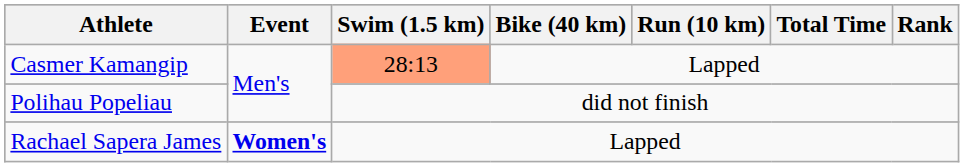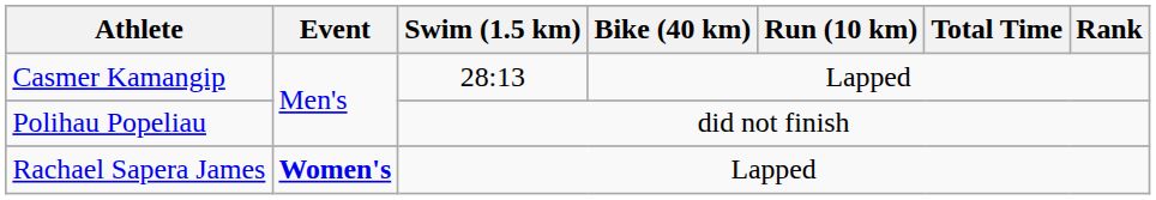 <table class="wikitable" style="font-size:90%">
 <tr>
 <th>Athlete</th>
 <th>Event</th>
 <th>Swim (1.5 km)</th>
 <th>Bike (40 km)</th>
 <th>Run (10 km)</th>
 <th>Total Time</th>
 <th>Rank</th>
 </tr>
 <tr align=center>
 <td align=left><a href='#'>Casmer Kamangip</a></td>
 <td align=left rowspan=2><a href='#'>Men's</a></td>
-<td style="background: lightsalmon;">28:13</td>
+<td>28:13</td>
 <td colspan=4>Lapped</td>
 </tr>
 <tr align=center>
 <td align=left><a href='#'>Polihau Popeliau</a></td>
 <td colspan=5>did not finish</td>
 </tr>
 <tr align=center>
 <td align=left><a href='#'>Rachael Sapera James</a></td>
 <td align=left><strong><a href='#'>Women's</a></strong></td>
 <td colspan=5>Lapped</td>
 </tr>
 </table>
